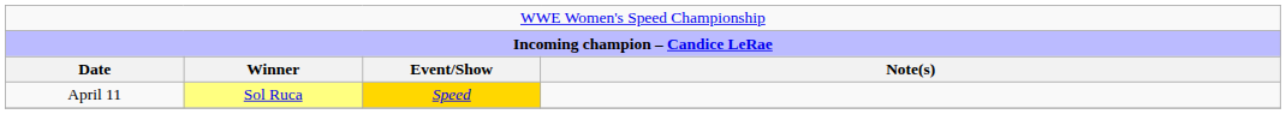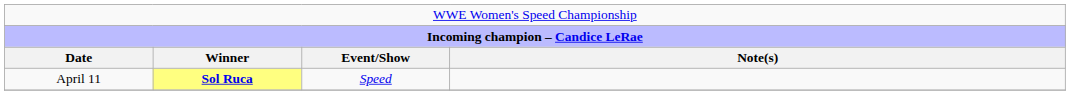 <table class="wikitable" style="text-align:center; width:100%;">
 <tr>
 <td colspan="4" style="text-align: center;"><a href='#'>WWE Women's Speed Championship</a></td>
 </tr>
 <tr style="background:#BBF;">
 <td colspan="4" style="text-align: center;"><strong>Incoming champion – <a href='#'>Candice LeRae</a></strong></td>
 </tr>
 <tr>
 <th width="14%">Date</th>
 <th width="14%">Winner</th>
 <th width="14%">Event/Show</th>
 <th width="58%">Note(s)</th>
 </tr>
 <tr>
 <td>April 11<br></td>
-<td style="background:#FFFF80;"><a href='#'>Sol Ruca</a></td>
-<td style="background: gold;"><em><a href='#'>Speed</a></em></td>
+<td style="background:#FFFF80;"><strong><a href='#'>Sol Ruca</a></strong></td>
+<td><em><a href='#'>Speed</a></em></td>
 <td></td>
 </tr>
 <tr>
 </tr>
 </table>
